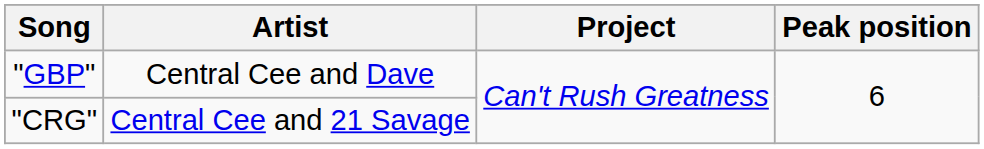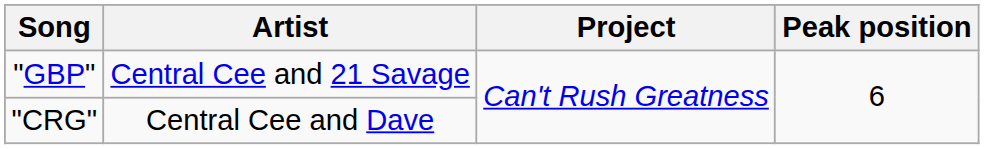 <table class="wikitable sortable plainrowheaders" style="text-align:center;">
 <tr>
 <th scope="col">Song</th>
 <th scope="col">Artist</th>
 <th scope="col">Project</th>
 <th scope="col">Peak position</th>
 </tr>
 <tr>
 <td>"<a href='#'>GBP</a>"</td>
-<td>Central Cee and <a href='#'>Dave</a></td>
+<td><a href='#'>Central Cee</a> and <a href='#'>21 Savage</a></td>
 <td rowspan="2"><em><a href='#'>Can't Rush Greatness</a></em></td>
 <td rowspan="2">6</td>
 </tr>
 <tr>
 <td>"CRG"</td>
-<td><a href='#'>Central Cee</a> and <a href='#'>21 Savage</a></td>
+<td>Central Cee and <a href='#'>Dave</a></td>
 </tr>
 </table>
